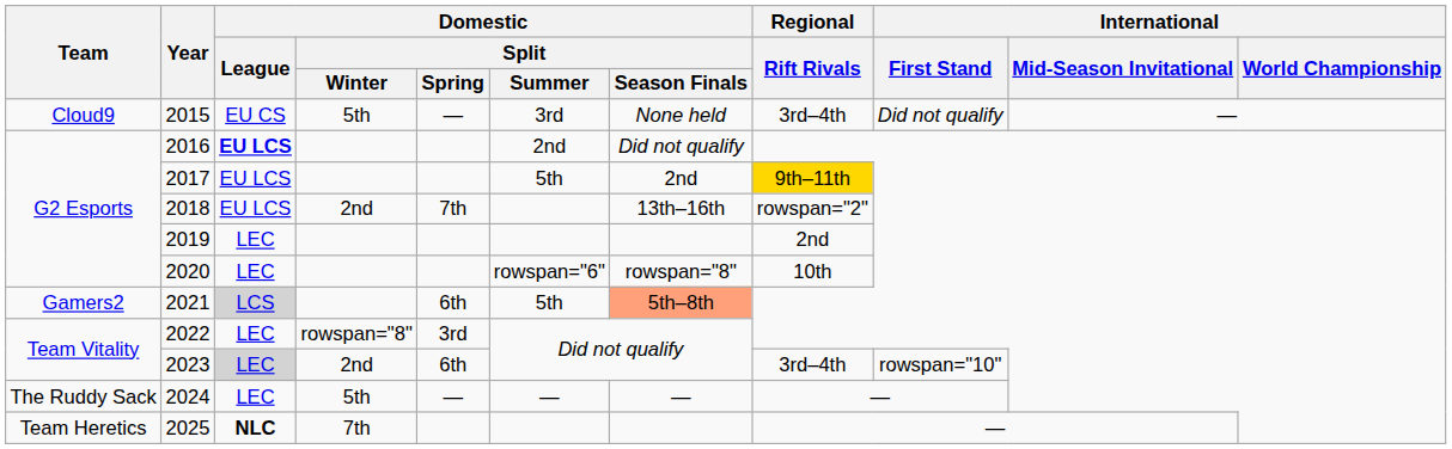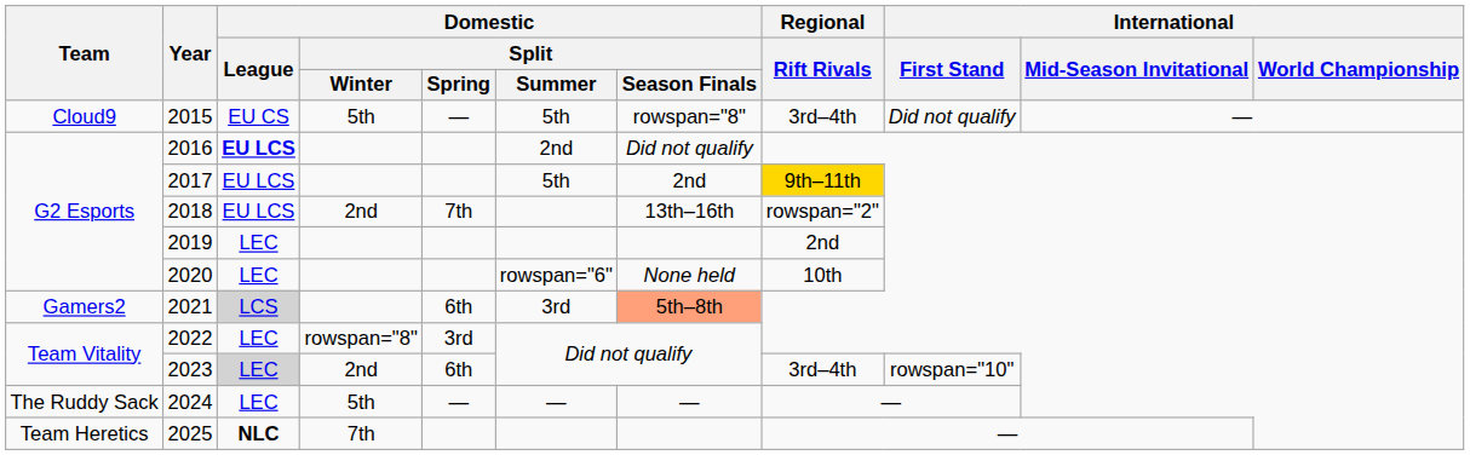 <table class="wikitable" style="font-size:90%; text-align:center;">
 <tr style="background:#f0f6ff;">
 <th rowspan=3>Team</th>
 <th rowspan=3>Year</th>
 <th colspan=5>Domestic</th>
 <th>Regional</th>
 <th colspan=3>International</th>
 </tr>
 <tr>
 <th rowspan=2>League</th>
 <th colspan=4>Split</th>
 <th rowspan=2><a href='#'>Rift Rivals</a></th>
 <th rowspan=2><a href='#'>First Stand</a></th>
 <th rowspan=2><a href='#'>Mid-Season Invitational</a></th>
 <th rowspan=2><a href='#'>World Championship</a></th>
 </tr>
 <tr>
 <th>Winter</th>
 <th>Spring</th>
 <th>Summer</th>
 <th>Season Finals</th>
 </tr>
 <tr>
 <td><a href='#'>Cloud9</a></td>
 <td>2015</td>
 <td><a href='#'>EU CS</a></td>
 <td>5th</td>
 <td>—</td>
-<td>3rd</td>
-<td><em>None held</em></td>
+<td>5th</td>
+<td>rowspan="8" </td>
 <td>3rd–4th</td>
 <td><em>Did not qualify</em></td>
 <td colspan="2">—</td>
 </tr>
 <tr>
 <td rowspan="5"><a href='#'>G2 Esports</a></td>
 <td>2016</td>
 <td><strong><a href='#'>EU LCS</a></strong></td>
 <td></td>
 <td></td>
 <td>2nd</td>
 <td><em>Did not qualify</em></td>
 </tr>
 <tr>
 <td>2017</td>
 <td><a href='#'>EU LCS</a></td>
 <td></td>
 <td></td>
 <td>5th</td>
 <td>2nd</td>
 <td style="background: gold;">9th–11th</td>
 </tr>
 <tr>
 <td>2018</td>
 <td><a href='#'>EU LCS</a></td>
 <td>2nd</td>
 <td>7th</td>
 <td></td>
 <td>13th–16th</td>
 <td>rowspan="2" </td>
 </tr>
 <tr>
 <td>2019</td>
 <td><a href='#'>LEC</a></td>
 <td></td>
 <td></td>
 <td></td>
 <td></td>
 <td>2nd</td>
 </tr>
 <tr>
 <td>2020</td>
 <td><a href='#'>LEC</a></td>
 <td></td>
 <td></td>
 <td>rowspan="6" </td>
-<td>rowspan="8" </td>
+<td><em>None held</em></td>
 <td>10th</td>
 </tr>
 <tr>
 <td><a href='#'>Gamers2</a></td>
 <td>2021</td>
 <td style="background: lightgrey;"><a href='#'>LCS</a></td>
 <td></td>
 <td>6th</td>
-<td>5th</td>
+<td>3rd</td>
 <td style="background: lightsalmon;">5th–8th</td>
 </tr>
 <tr>
 <td rowspan="2"><a href='#'>Team Vitality</a></td>
 <td>2022</td>
 <td><a href='#'>LEC</a></td>
 <td>rowspan="8" </td>
 <td>3rd</td>
 <td colspan="2" rowspan="2"><em>Did not qualify</em></td>
 </tr>
 <tr>
 <td>2023</td>
 <td style="background: lightgrey;"><a href='#'>LEC</a></td>
 <td>2nd</td>
 <td>6th</td>
 <td>3rd–4th</td>
 <td>rowspan="10" </td>
 </tr>
 <tr>
 <td>The Ruddy Sack</td>
 <td>2024</td>
 <td><a href='#'>LEC</a></td>
 <td>5th</td>
 <td>—</td>
 <td>—</td>
 <td>—</td>
 <td colspan="2">—</td>
 </tr>
 <tr>
 <td>Team Heretics</td>
 <td>2025</td>
 <td><strong>NLC</strong></td>
 <td>7th</td>
 <td></td>
 <td></td>
 <td></td>
 <td colspan="3">—</td>
 </tr>
 </table>
